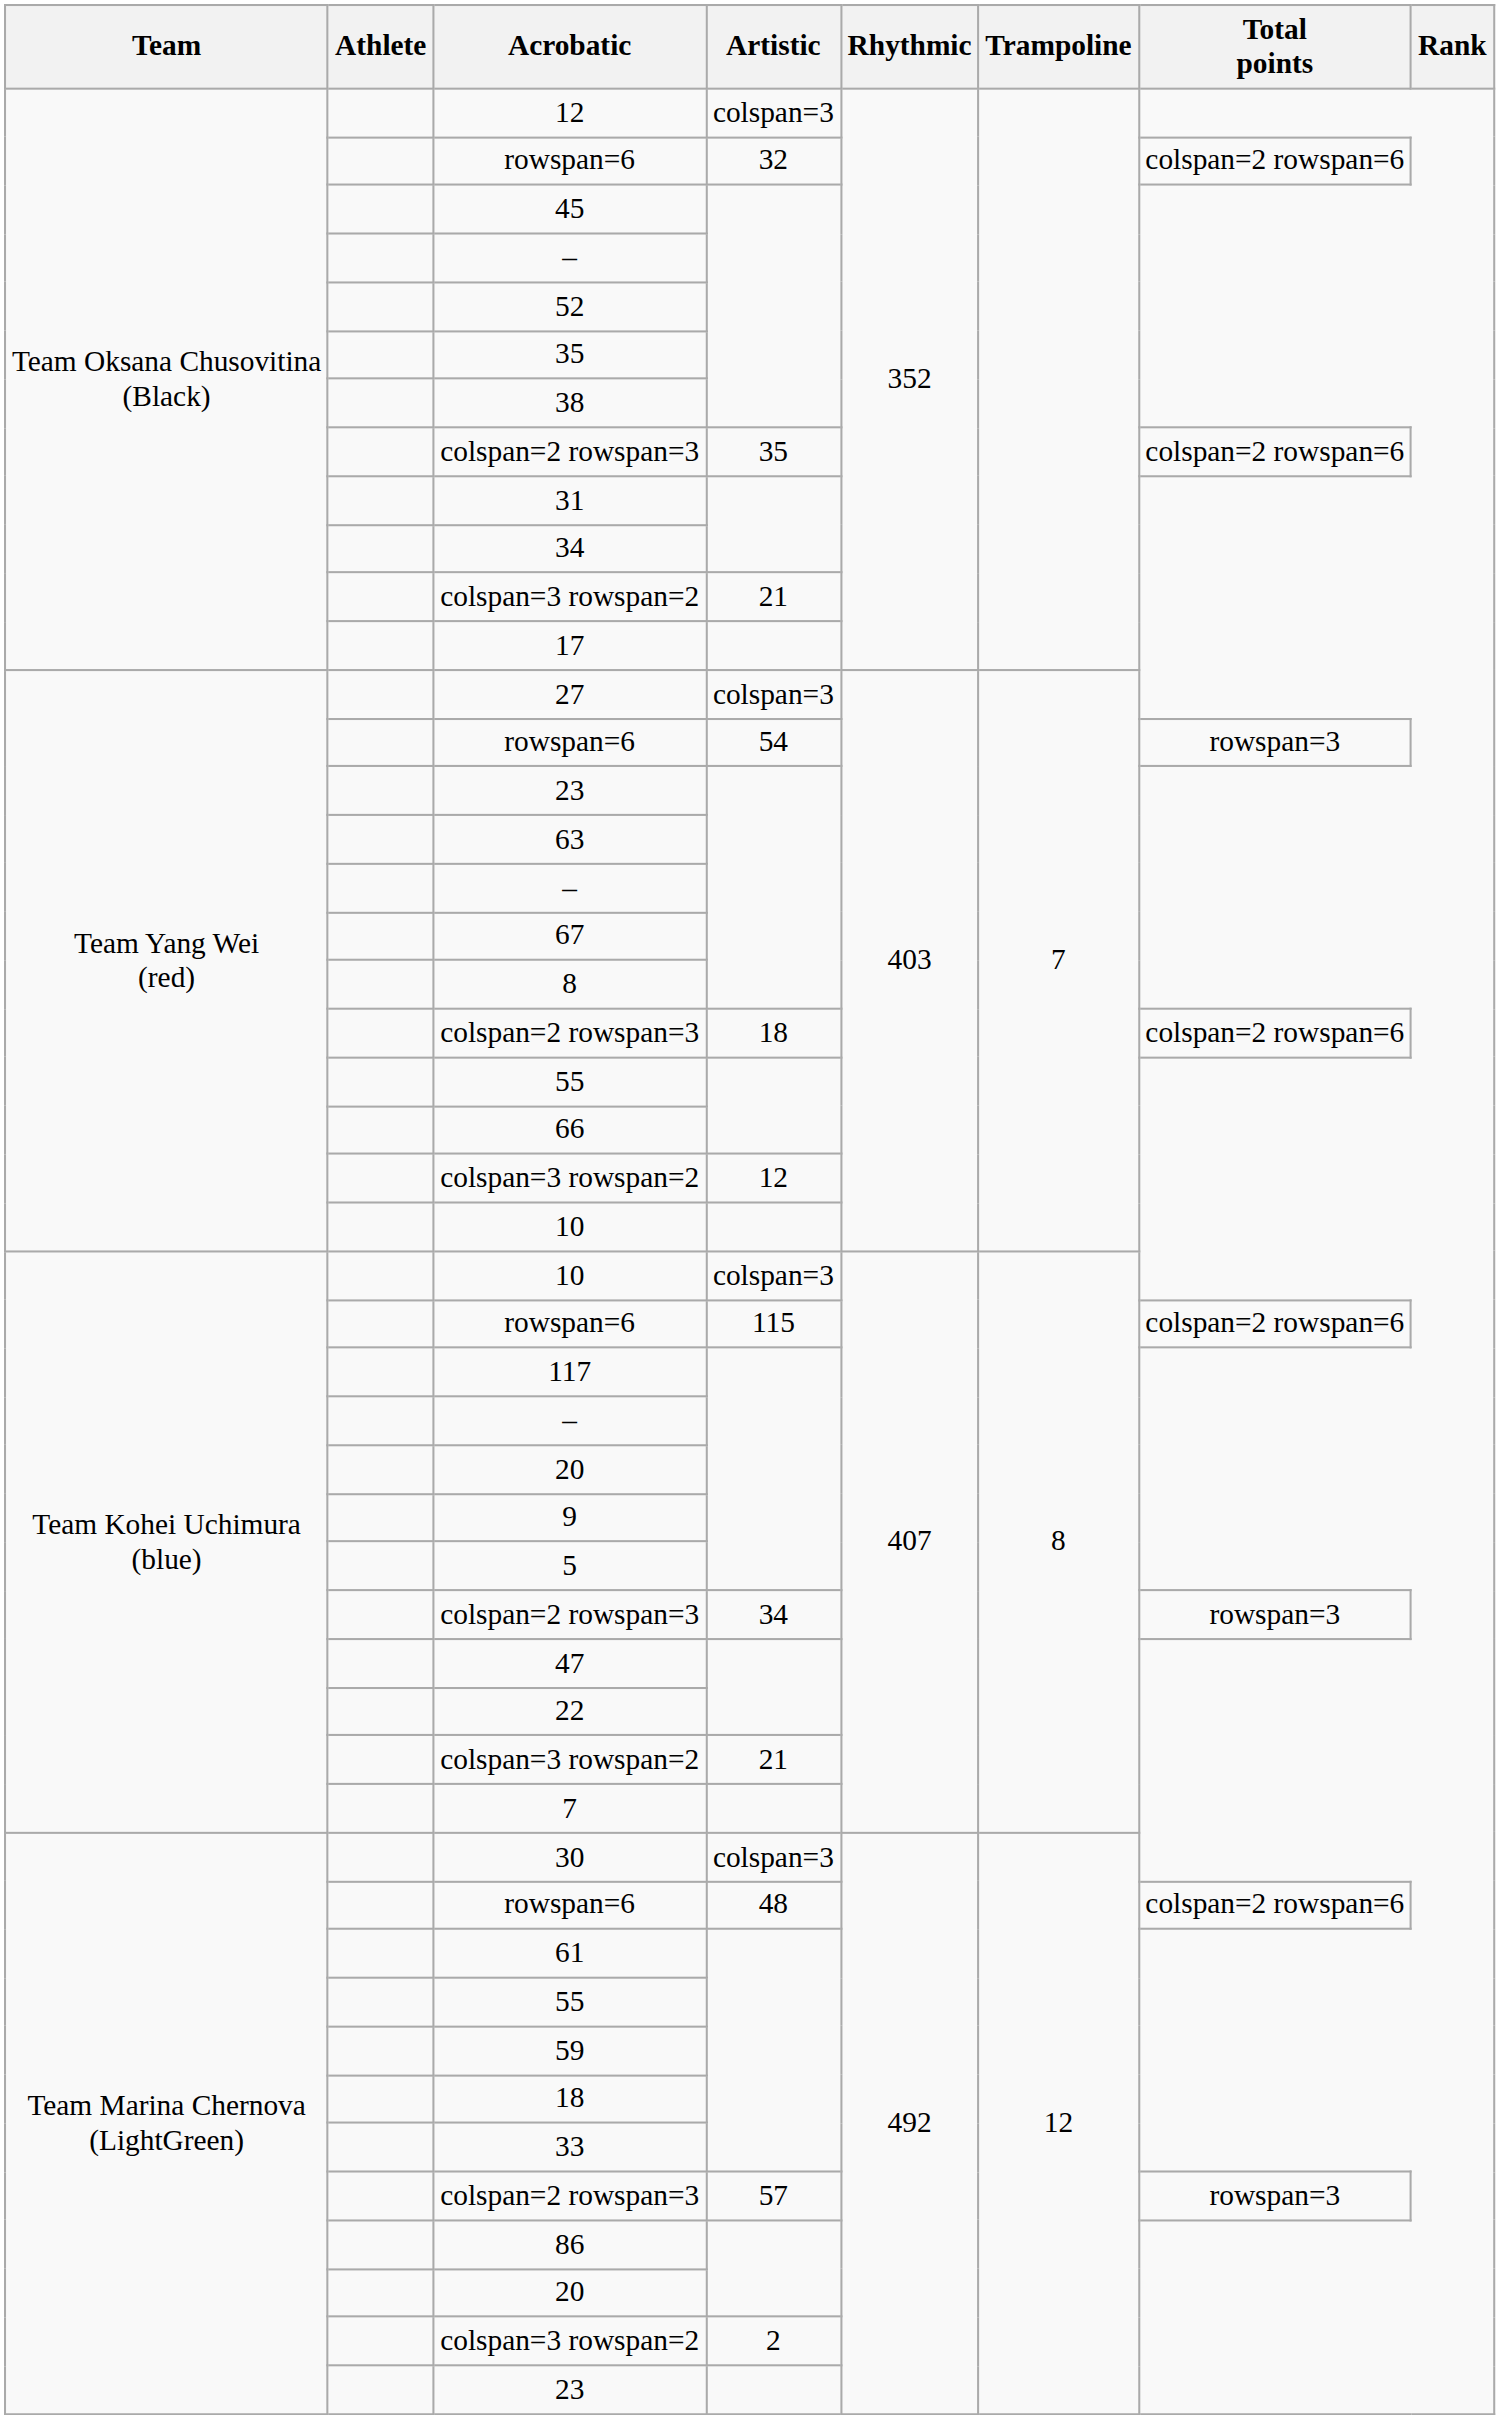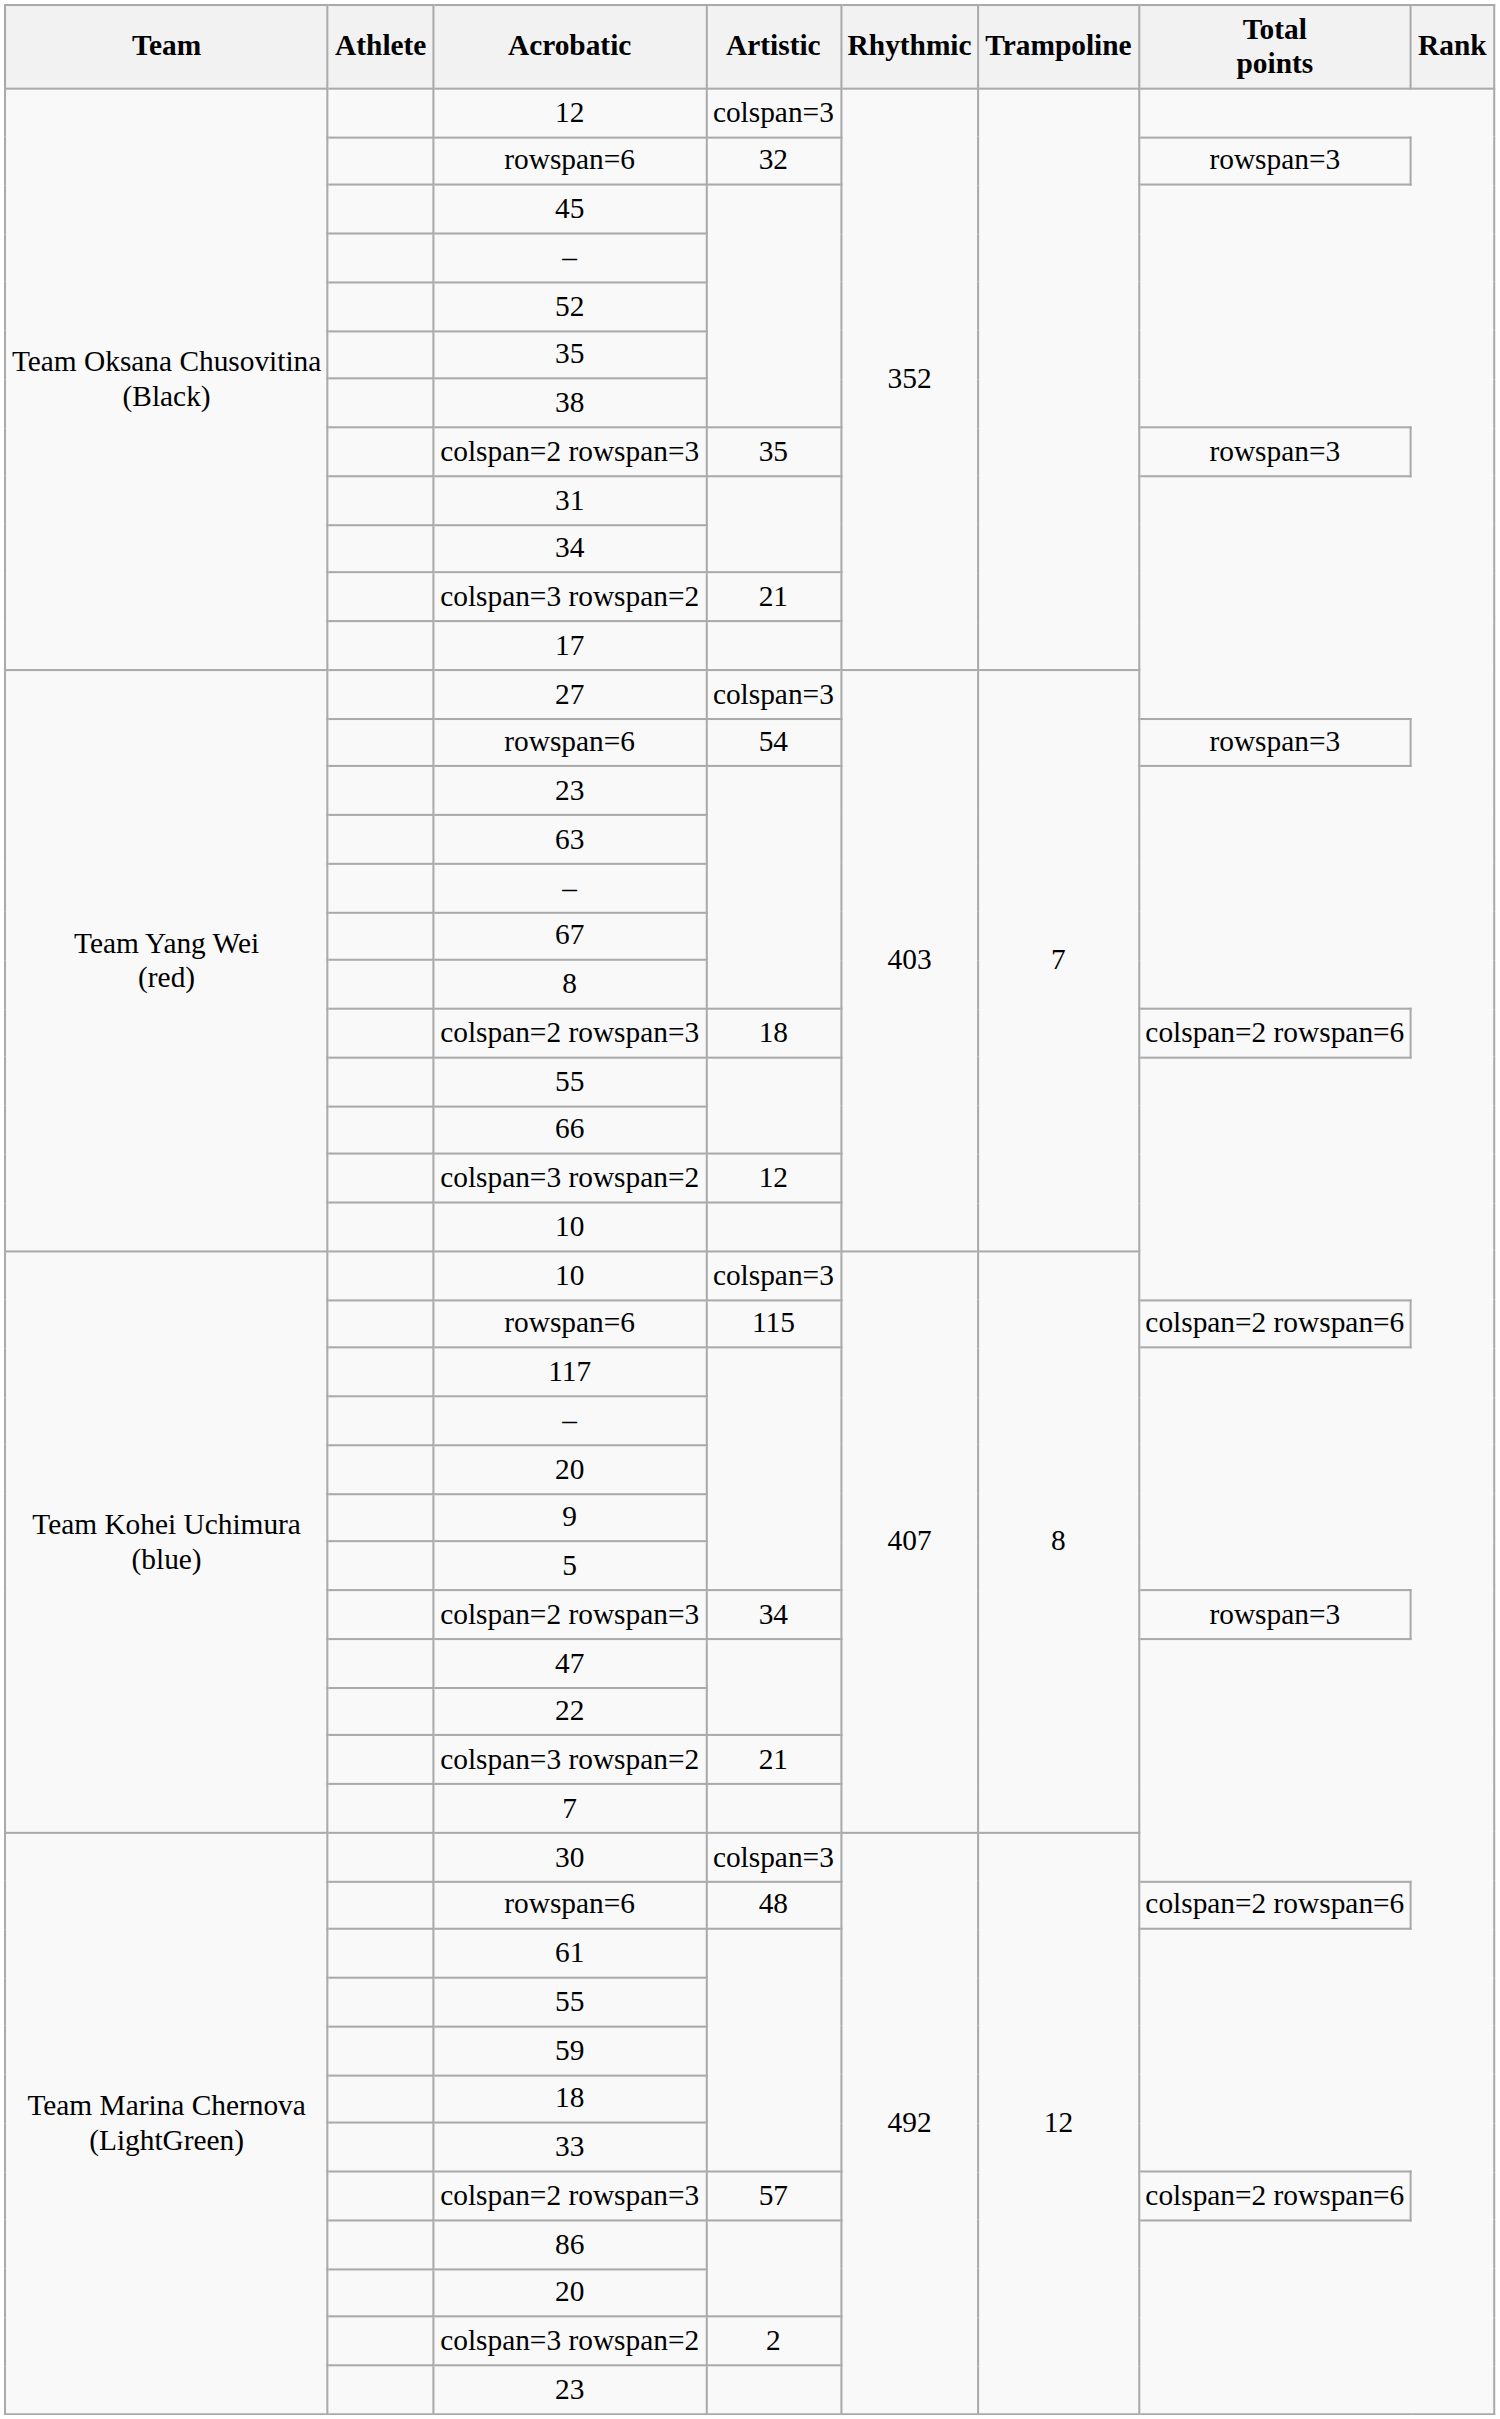 <table class="wikitable" style="font-size:90%">
 <tr>
 <th>Team</th>
 <th>Athlete</th>
 <th>Acrobatic</th>
 <th>Artistic</th>
 <th>Rhythmic</th>
 <th>Trampoline</th>
 <th>Total<br>points</th>
 <th>Rank</th>
 </tr>
 <tr align=center>
 <td rowspan=12>Team Oksana Chusovitina<br>(Black)</td>
 <td align=left><strong><br></strong></td>
 <td>12</td>
 <td>colspan=3 </td>
 <td rowspan=12>352</td>
 <td rowspan=12></td>
 </tr>
 <tr align=center>
 <td align=left></td>
 <td>rowspan=6 </td>
 <td>32</td>
-<td>colspan=2 rowspan=6 </td>
+<td>rowspan=3 </td>
 </tr>
 <tr align=center>
 <td align=left></td>
 <td>45</td>
 </tr>
 <tr align=center>
 <td align=left></td>
 <td>–</td>
 </tr>
 <tr align=center>
 <td align=left></td>
 <td>52</td>
 </tr>
 <tr align=center>
 <td align=left></td>
 <td>35</td>
 </tr>
 <tr align=center>
 <td align=left></td>
 <td>38</td>
 </tr>
 <tr align=center>
 <td align=left></td>
 <td>colspan=2 rowspan=3 </td>
 <td>35</td>
-<td>colspan=2 rowspan=6 </td>
+<td>rowspan=3 </td>
 </tr>
 <tr align=center>
 <td align=left></td>
 <td>31</td>
 </tr>
 <tr align=center>
 <td align=left></td>
 <td>34</td>
 </tr>
 <tr align=center>
 <td align=left></td>
 <td>colspan=3 rowspan=2 </td>
 <td>21</td>
 </tr>
 <tr align=center>
 <td align=left></td>
 <td>17</td>
 </tr>
 <tr align=center>
 <td rowspan=12>Team Yang Wei<br>(red)</td>
 <td align=left><br></td>
 <td>27</td>
 <td>colspan=3 </td>
 <td rowspan=12>403</td>
 <td rowspan=12>7</td>
 </tr>
 <tr align=center>
 <td align=left></td>
 <td>rowspan=6 </td>
 <td>54</td>
 <td>rowspan=3 </td>
 </tr>
 <tr align=center>
 <td align=left></td>
 <td>23</td>
 </tr>
 <tr align=center>
 <td align=left></td>
 <td>63</td>
 </tr>
 <tr align=center>
 <td align=left></td>
 <td>–</td>
 </tr>
 <tr align=center>
 <td align=left></td>
 <td>67</td>
 </tr>
 <tr align=center>
 <td align=left></td>
 <td>8</td>
 </tr>
 <tr align=center>
 <td align=left></td>
 <td>colspan=2 rowspan=3 </td>
 <td>18</td>
 <td>colspan=2 rowspan=6 </td>
 </tr>
 <tr align=center>
 <td align=left></td>
 <td>55</td>
 </tr>
 <tr align=center>
 <td align=left></td>
 <td>66</td>
 </tr>
 <tr align=center>
 <td align=left></td>
 <td>colspan=3 rowspan=2 </td>
 <td>12</td>
 </tr>
 <tr align=center>
 <td align=left></td>
 <td>10</td>
 </tr>
 <tr align=center>
 <td rowspan=12>Team Kohei Uchimura<br>(blue)</td>
 <td align=left><br></td>
 <td>10</td>
 <td>colspan=3 </td>
 <td rowspan=12>407</td>
 <td rowspan=12>8</td>
 </tr>
 <tr align=center>
 <td align=left></td>
 <td>rowspan=6 </td>
 <td>115</td>
 <td>colspan=2 rowspan=6 </td>
 </tr>
 <tr align=center>
 <td align=left></td>
 <td>117</td>
 </tr>
 <tr align=center>
 <td align=left></td>
 <td>–</td>
 </tr>
 <tr align=center>
 <td align=left></td>
 <td>20</td>
 </tr>
 <tr align=center>
 <td align=left></td>
 <td>9</td>
 </tr>
 <tr align=center>
 <td align=left></td>
 <td>5</td>
 </tr>
 <tr align=center>
 <td align=left></td>
 <td>colspan=2 rowspan=3 </td>
 <td>34</td>
 <td>rowspan=3 </td>
 </tr>
 <tr align=center>
 <td align=left></td>
 <td>47</td>
 </tr>
 <tr align=center>
 <td align=left></td>
 <td>22</td>
 </tr>
 <tr align=center>
 <td align=left></td>
 <td>colspan=3 rowspan=2 </td>
 <td>21</td>
 </tr>
 <tr align=center>
 <td align=left></td>
 <td>7</td>
 </tr>
 <tr align=center>
 <td rowspan=12>Team Marina Chernova<br>(LightGreen)</td>
 <td align=left><br></td>
 <td>30</td>
 <td>colspan=3 </td>
 <td rowspan=12>492</td>
 <td rowspan=12>12</td>
 </tr>
 <tr align=center>
 <td align=left></td>
 <td>rowspan=6 </td>
 <td>48</td>
 <td>colspan=2 rowspan=6 </td>
 </tr>
 <tr align=center>
 <td align=left></td>
 <td>61</td>
 </tr>
 <tr align=center>
 <td align=left></td>
 <td>55</td>
 </tr>
 <tr align=center>
 <td align=left></td>
 <td>59</td>
 </tr>
 <tr align=center>
 <td align=left></td>
 <td>18</td>
 </tr>
 <tr align=center>
 <td align=left></td>
 <td>33</td>
 </tr>
 <tr align=center>
 <td align=left></td>
 <td>colspan=2 rowspan=3 </td>
 <td>57</td>
-<td>rowspan=3 </td>
+<td>colspan=2 rowspan=6 </td>
 </tr>
 <tr align=center>
 <td align=left></td>
 <td>86</td>
 </tr>
 <tr align=center>
 <td align=left></td>
 <td>20</td>
 </tr>
 <tr align=center>
 <td align=left></td>
 <td>colspan=3 rowspan=2 </td>
 <td>2</td>
 </tr>
 <tr align=center>
 <td align=left></td>
 <td>23</td>
 </tr>
 </table>
